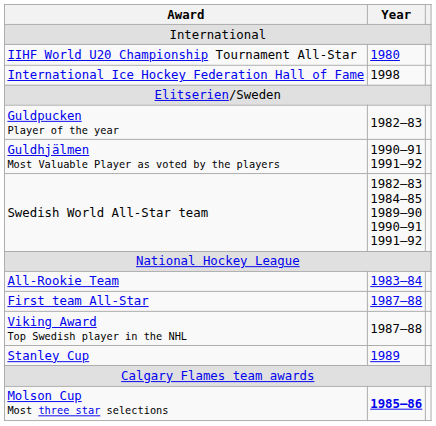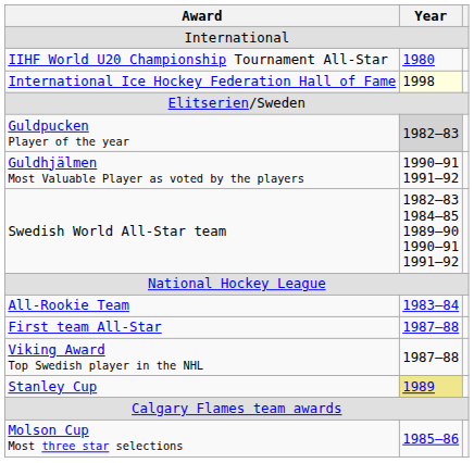 <table class="wikitable">
 <tr>
 <th>Award</th>
 <th>Year</th>
 <th></th>
 </tr>
 <tr style="text-align:center; background:#e0e0e0;">
 <td colspan="3">International</td>
 </tr>
 <tr>
 <td><a href='#'>IIHF World U20 Championship</a> Tournament All-Star</td>
 <td><a href='#'>1980</a></td>
 <td></td>
 </tr>
 <tr>
 <td><a href='#'>International Ice Hockey Federation Hall of Fame</a></td>
-<td>1998</td>
+<td style="background: lightyellow;">1998</td>
 <td></td>
 </tr>
 <tr style="text-align:center; background:#e0e0e0;">
 <td colspan="3"><a href='#'>Elitserien</a>/Sweden</td>
 </tr>
 <tr>
 <td><a href='#'>Guldpucken</a><br><small>Player of the year</small></td>
-<td>1982–83</td>
+<td style="background: lightgrey;">1982–83</td>
 <td></td>
 </tr>
 <tr>
 <td><a href='#'>Guldhjälmen</a><br><small>Most Valuable Player as voted by the players</small></td>
 <td>1990–91<br>1991–92</td>
 </tr>
 <tr>
 <td>Swedish World All-Star team</td>
 <td>1982–83<br>1984–85<br>1989–90<br>1990–91<br>1991–92</td>
 <td></td>
 </tr>
 <tr style="text-align:center; background:#e0e0e0;">
 <td colspan="3"><a href='#'>National Hockey League</a></td>
 </tr>
 <tr>
 <td><a href='#'>All-Rookie Team</a></td>
 <td><a href='#'>1983–84</a></td>
 <td></td>
 </tr>
 <tr>
 <td><a href='#'>First team All-Star</a></td>
 <td><a href='#'>1987–88</a></td>
 <td></td>
 </tr>
 <tr>
 <td><a href='#'>Viking Award</a><br><small>Top Swedish player in the NHL</small></td>
 <td>1987–88</td>
 <td></td>
 </tr>
 <tr>
 <td><a href='#'>Stanley Cup</a></td>
-<td><a href='#'>1989</a></td>
+<td style="background: khaki;"><a href='#'>1989</a></td>
 <td></td>
 </tr>
 <tr style="text-align:center; background:#e0e0e0;">
 <td colspan="3"><a href='#'>Calgary Flames team awards</a></td>
 </tr>
 <tr>
 <td><a href='#'>Molson Cup</a><br><small>Most <a href='#'>three star</a> selections</small></td>
-<td><strong><a href='#'>1985–86</a></strong></td>
+<td><a href='#'>1985–86</a></td>
 <td></td>
 </tr>
 </table>
